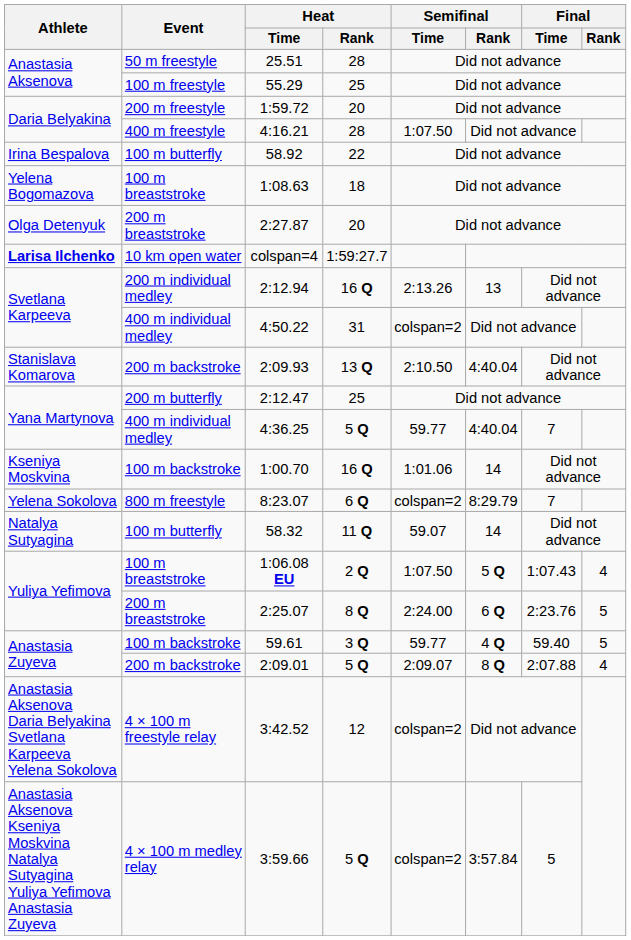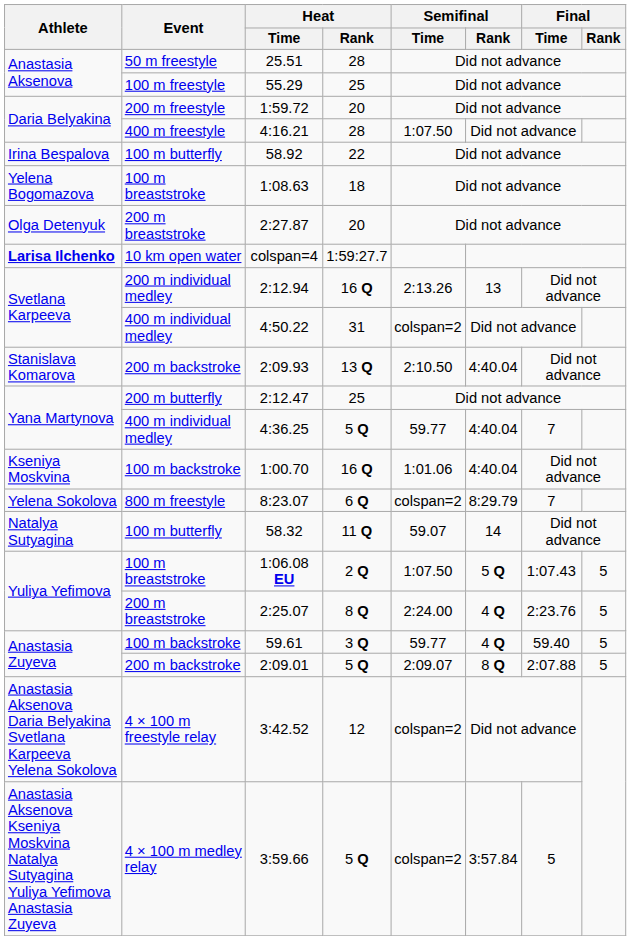 <table class=wikitable style="font-size:90%">
 <tr>
 <th rowspan="2">Athlete</th>
 <th rowspan="2">Event</th>
 <th colspan="2">Heat</th>
 <th colspan="2">Semifinal</th>
 <th colspan="2">Final</th>
 </tr>
 <tr style="font-size:95%">
 <th>Time</th>
 <th>Rank</th>
 <th>Time</th>
 <th>Rank</th>
 <th>Time</th>
 <th>Rank</th>
 </tr>
 <tr align=center>
 <td align=left rowspan=2><a href='#'>Anastasia Aksenova</a></td>
 <td align=left><a href='#'>50 m freestyle</a></td>
 <td>25.51</td>
 <td>28</td>
 <td colspan=4>Did not advance</td>
 </tr>
 <tr align=center>
 <td align=left><a href='#'>100 m freestyle</a></td>
 <td>55.29</td>
 <td>25</td>
 <td colspan=4>Did not advance</td>
 </tr>
 <tr align=center>
 <td align=left rowspan=2><a href='#'>Daria Belyakina</a></td>
 <td align=left><a href='#'>200 m freestyle</a></td>
 <td>1:59.72</td>
 <td>20</td>
 <td colspan=4>Did not advance</td>
 </tr>
 <tr align=center>
 <td align=left><a href='#'>400 m freestyle</a></td>
 <td>4:16.21</td>
 <td>28</td>
 <td>1:07.50</td>
 <td colspan=2>Did not advance</td>
 </tr>
 <tr align=center>
 <td align=left><a href='#'>Irina Bespalova</a></td>
 <td align=left><a href='#'>100 m butterfly</a></td>
 <td>58.92</td>
 <td>22</td>
 <td colspan=4>Did not advance</td>
 </tr>
 <tr align=center>
 <td align=left><a href='#'>Yelena Bogomazova</a></td>
 <td align=left><a href='#'>100 m breaststroke</a></td>
 <td>1:08.63</td>
 <td>18</td>
 <td colspan=4>Did not advance</td>
 </tr>
 <tr align=center>
 <td align=left><a href='#'>Olga Detenyuk</a></td>
 <td align=left><a href='#'>200 m breaststroke</a></td>
 <td>2:27.87</td>
 <td>20</td>
 <td colspan=4>Did not advance</td>
 </tr>
 <tr align=center>
 <td align=left><strong><a href='#'>Larisa Ilchenko</a></strong></td>
 <td align=left><a href='#'>10 km open water</a></td>
 <td>colspan=4 </td>
 <td>1:59:27.7</td>
 <td></td>
 </tr>
 <tr align=center>
 <td align=left rowspan=2><a href='#'>Svetlana Karpeeva</a></td>
 <td align=left><a href='#'>200 m individual medley</a></td>
 <td>2:12.94</td>
 <td>16 <strong>Q</strong></td>
 <td>2:13.26</td>
 <td>13</td>
 <td colspan=2>Did not advance</td>
 </tr>
 <tr align=center>
 <td align=left><a href='#'>400 m individual medley</a></td>
 <td>4:50.22</td>
 <td>31</td>
 <td>colspan=2 </td>
 <td colspan=2>Did not advance</td>
 </tr>
 <tr align=center>
 <td align=left><a href='#'>Stanislava Komarova</a></td>
 <td align=left><a href='#'>200 m backstroke</a></td>
 <td>2:09.93</td>
 <td>13 <strong>Q</strong></td>
 <td>2:10.50</td>
 <td>4:40.04</td>
 <td colspan=2>Did not advance</td>
 </tr>
 <tr align=center>
 <td align=left rowspan=2><a href='#'>Yana Martynova</a></td>
 <td align=left><a href='#'>200 m butterfly</a></td>
 <td>2:12.47</td>
 <td>25</td>
 <td colspan=4>Did not advance</td>
 </tr>
 <tr align=center>
 <td align=left><a href='#'>400 m individual medley</a></td>
 <td>4:36.25</td>
 <td>5 <strong>Q</strong></td>
 <td>59.77</td>
 <td>4:40.04</td>
 <td>7</td>
 </tr>
 <tr align=center>
 <td align=left><a href='#'>Kseniya Moskvina</a></td>
 <td align=left><a href='#'>100 m backstroke</a></td>
 <td>1:00.70</td>
 <td>16 <strong>Q</strong></td>
 <td>1:01.06</td>
-<td>14</td>
+<td>4:40.04</td>
 <td colspan=2>Did not advance</td>
 </tr>
 <tr align=center>
 <td align=left><a href='#'>Yelena Sokolova</a></td>
 <td align=left><a href='#'>800 m freestyle</a></td>
 <td>8:23.07</td>
 <td>6 <strong>Q</strong></td>
 <td>colspan=2 </td>
 <td>8:29.79</td>
 <td>7</td>
 </tr>
 <tr align=center>
 <td align=left><a href='#'>Natalya Sutyagina</a></td>
 <td align=left><a href='#'>100 m butterfly</a></td>
 <td>58.32</td>
 <td>11 <strong>Q</strong></td>
 <td>59.07</td>
 <td>14</td>
 <td colspan=2>Did not advance</td>
 </tr>
 <tr align=center>
 <td align=left rowspan=2><a href='#'>Yuliya Yefimova</a></td>
 <td align=left><a href='#'>100 m breaststroke</a></td>
 <td>1:06.08 <strong><a href='#'>EU</a></strong></td>
 <td>2 <strong>Q</strong></td>
 <td>1:07.50</td>
 <td>5 <strong>Q</strong></td>
 <td>1:07.43</td>
-<td>4</td>
+<td>5</td>
 </tr>
 <tr align=center>
 <td align=left><a href='#'>200 m breaststroke</a></td>
 <td>2:25.07</td>
 <td>8 <strong>Q</strong></td>
 <td>2:24.00</td>
-<td>6 <strong>Q</strong></td>
+<td>4 <strong>Q</strong></td>
 <td>2:23.76</td>
 <td>5</td>
 </tr>
 <tr align=center>
 <td align=left rowspan=2><a href='#'>Anastasia Zuyeva</a></td>
 <td align=left><a href='#'>100 m backstroke</a></td>
 <td>59.61</td>
 <td>3 <strong>Q</strong></td>
 <td>59.77</td>
 <td>4 <strong>Q</strong></td>
 <td>59.40</td>
 <td>5</td>
 </tr>
 <tr align=center>
 <td align=left><a href='#'>200 m backstroke</a></td>
 <td>2:09.01</td>
 <td>5 <strong>Q</strong></td>
 <td>2:09.07</td>
 <td>8 <strong>Q</strong></td>
 <td>2:07.88</td>
-<td>4</td>
+<td>5</td>
 </tr>
 <tr align=center>
 <td align=left><a href='#'>Anastasia Aksenova</a><br><a href='#'>Daria Belyakina</a><br><a href='#'>Svetlana Karpeeva</a><br><a href='#'>Yelena Sokolova</a></td>
 <td align=left><a href='#'>4 × 100 m freestyle relay</a></td>
 <td>3:42.52</td>
 <td>12</td>
 <td>colspan=2 </td>
 <td colspan=2>Did not advance</td>
 </tr>
 <tr align=center>
 <td align=left><a href='#'>Anastasia Aksenova</a><br><a href='#'>Kseniya Moskvina</a><br><a href='#'>Natalya Sutyagina</a><br><a href='#'>Yuliya Yefimova</a><br><a href='#'>Anastasia Zuyeva</a></td>
 <td align=left><a href='#'>4 × 100 m medley relay</a></td>
 <td>3:59.66</td>
 <td>5 <strong>Q</strong></td>
 <td>colspan=2 </td>
 <td>3:57.84</td>
 <td>5</td>
 </tr>
 </table>
